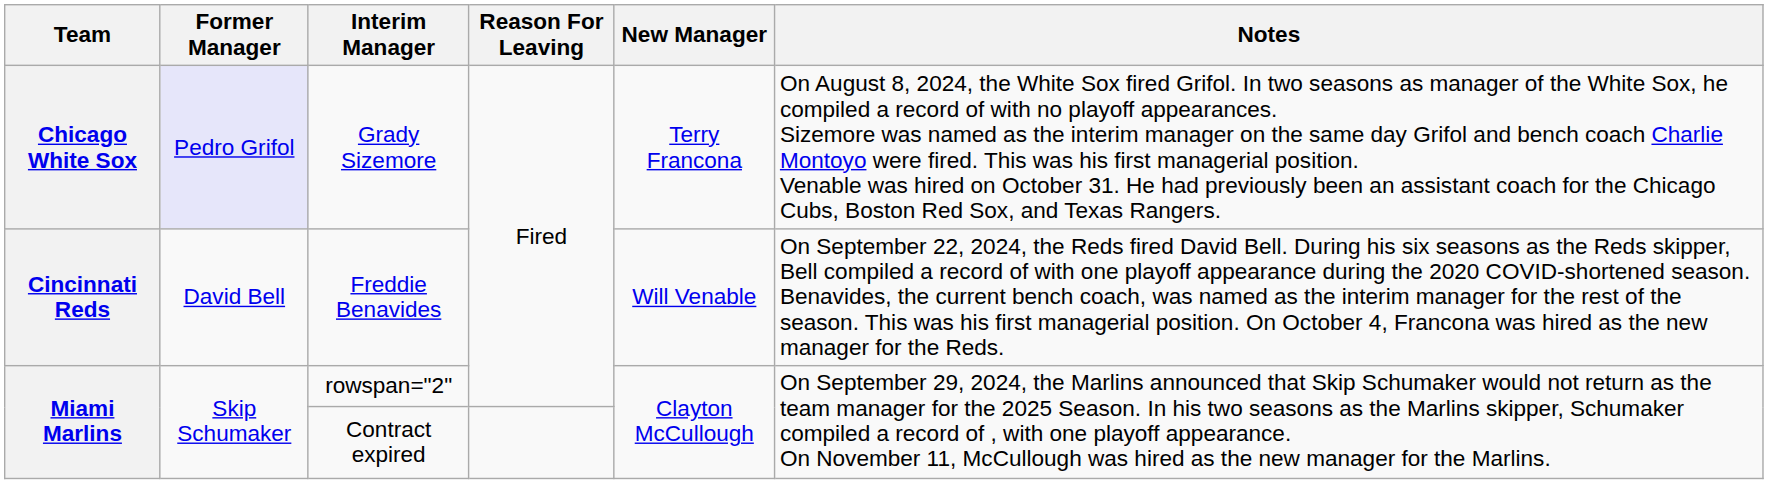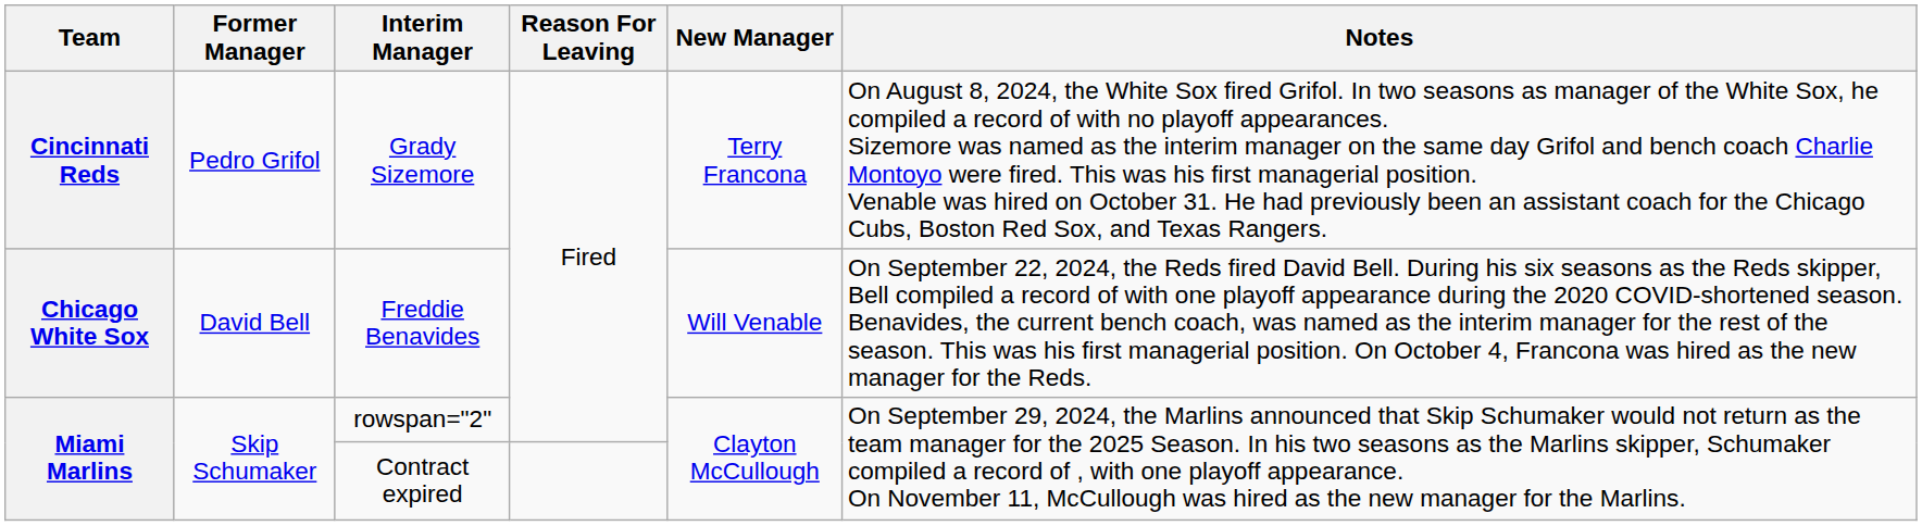 <table class="wikitable plainrowheaders" style="text-align:center;">
 <tr>
 <th scope="col">Team</th>
 <th scope="col">Former Manager</th>
 <th scope="col">Interim Manager</th>
 <th scope="col">Reason For Leaving</th>
 <th scope="col">New Manager</th>
 <th scope="col">Notes</th>
 </tr>
 <tr>
-<th scope="row" style="text-align:center;"><a href='#'>Chicago White Sox</a></th>
-<td style="background: lavender;"><a href='#'>Pedro Grifol</a></td>
+<th scope="row" style="text-align:center;"><a href='#'>Cincinnati Reds</a></th>
+<td><a href='#'>Pedro Grifol</a></td>
 <td><a href='#'>Grady Sizemore</a></td>
 <td rowspan="3">Fired</td>
 <td><a href='#'>Terry Francona</a></td>
 <td style="text-align:left;">On August 8, 2024, the White Sox fired Grifol. In two seasons as manager of the White Sox, he compiled a record of  with no playoff appearances.<br>Sizemore was named as the interim manager on the same day Grifol and bench coach <a href='#'>Charlie Montoyo</a> were fired. This was his first managerial position.<br>Venable was hired on October 31. He had previously been an assistant coach for the Chicago Cubs, Boston Red Sox, and Texas Rangers.</td>
 </tr>
 <tr>
-<th scope="row" style="text-align:center;"><a href='#'>Cincinnati Reds</a></th>
+<th scope="row" style="text-align:center;"><a href='#'>Chicago White Sox</a></th>
 <td><a href='#'>David Bell</a></td>
 <td><a href='#'>Freddie Benavides</a></td>
 <td><a href='#'>Will Venable</a></td>
 <td style="text-align:left;">On September 22, 2024, the Reds fired David Bell. During his six seasons as the Reds skipper, Bell compiled a record of  with one playoff appearance during the 2020 COVID-shortened season.<br>Benavides, the current bench coach, was named as the interim manager for the rest of the season. This was his first managerial position. On October 4, Francona was hired as the new manager for the Reds.</td>
 </tr>
 <tr>
 <th rowspan="2" scope="row" style="text-align:center;"><a href='#'>Miami Marlins</a></th>
 <td rowspan="2"><a href='#'>Skip Schumaker</a></td>
 <td>rowspan="2" </td>
 <td rowspan="2"><a href='#'>Clayton McCullough</a></td>
 <td rowspan="2" style="text-align:left;">On September 29, 2024, the Marlins announced that Skip Schumaker would not return as the team manager for the 2025 Season. In his two seasons as the Marlins skipper, Schumaker compiled a record of , with one playoff appearance.<br>On November 11, McCullough was hired as the new manager for the Marlins.</td>
 </tr>
 <tr>
 <td>Contract expired</td>
 </tr>
 </table>
